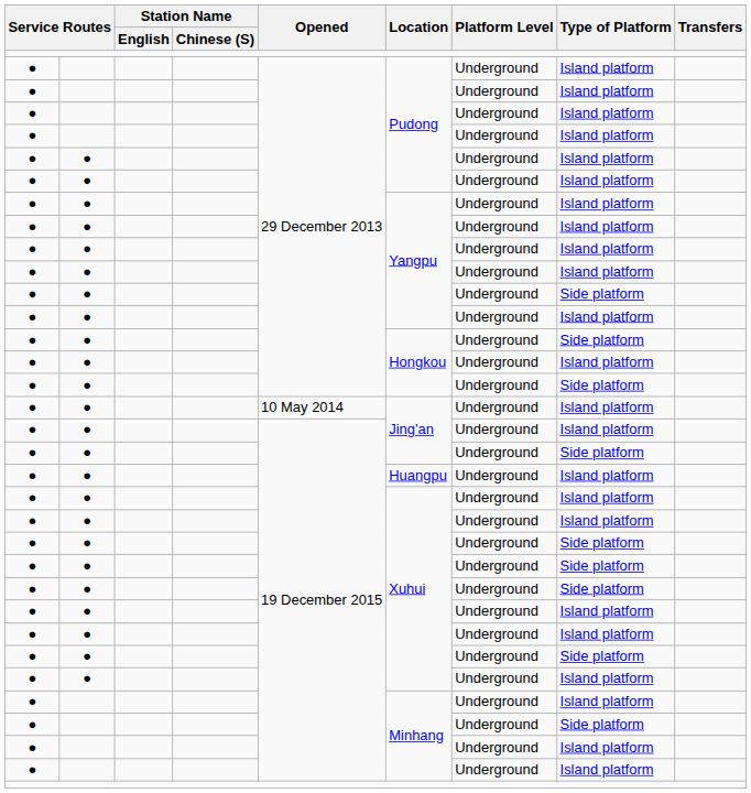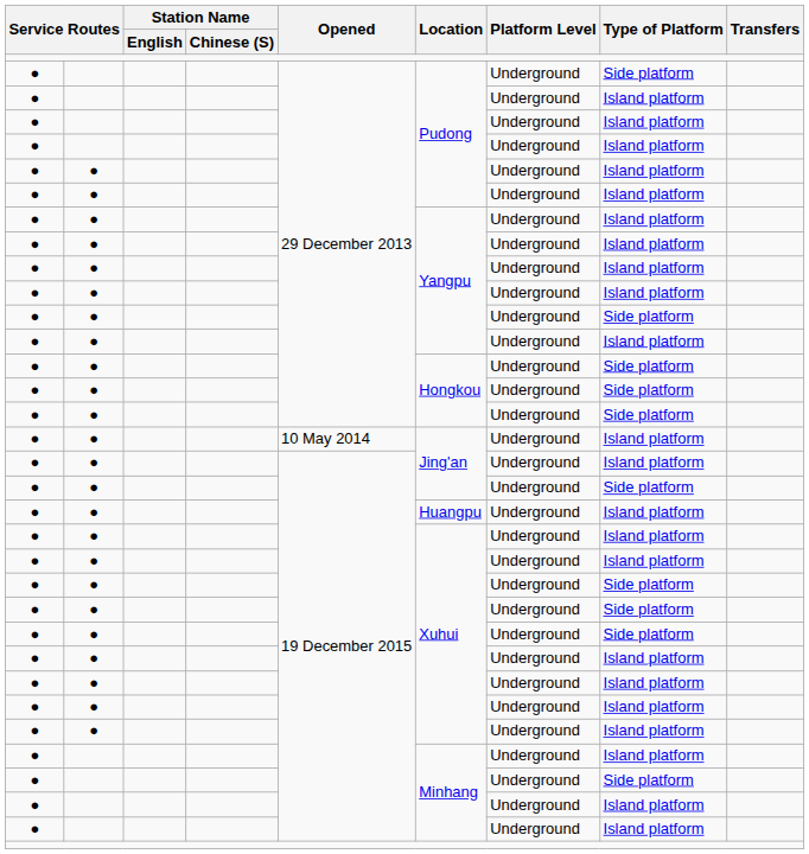 <table class=wikitable>
 <tr>
 <th colspan=2 rowspan=2 style="text-align:center;">Service Routes</th>
 <th colspan=2 style="text-align:center;">Station Name</th>
 <th rowspan=2>Opened</th>
 <th rowspan=2 style="text-align:center;">Location</th>
 <th rowspan=2>Platform Level</th>
 <th rowspan=2>Type of Platform</th>
 <th rowspan=2 style="text-align:center;">Transfers</th>
 </tr>
 <tr>
 <th>English</th>
 <th>Chinese (S)</th>
 </tr>
 <tr style=background:#>
 <td colspan=9></td>
 </tr>
 <tr>
 <td align=center>●</td>
 <td align=center></td>
 <td></td>
 <td><span></span></td>
 <td rowspan=15>29 December 2013</td>
 <td rowspan=6><a href='#'>Pudong</a></td>
 <td>Underground</td>
-<td><a href='#'>Island platform</a></td>
+<td><a href='#'>Side platform</a></td>
 <td></td>
 </tr>
 <tr>
 <td align=center>●</td>
 <td align=center></td>
 <td></td>
 <td><span></span></td>
 <td>Underground</td>
 <td><a href='#'>Island platform</a></td>
 <td></td>
 </tr>
 <tr>
 <td align=center>●</td>
 <td align=center></td>
 <td></td>
 <td><span></span></td>
 <td>Underground</td>
 <td><a href='#'>Island platform</a></td>
 <td></td>
 </tr>
 <tr>
 <td align=center>●</td>
 <td align=center></td>
 <td></td>
 <td><span></span></td>
 <td>Underground</td>
 <td><a href='#'>Island platform</a></td>
 <td></td>
 </tr>
 <tr>
 <td align=center>●</td>
 <td align=center>●</td>
 <td></td>
 <td><span></span></td>
 <td>Underground</td>
 <td><a href='#'>Island platform</a></td>
 <td></td>
 </tr>
 <tr>
 <td align=center>●</td>
 <td align=center>●</td>
 <td></td>
 <td><span></span></td>
 <td>Underground</td>
 <td><a href='#'>Island platform</a></td>
 <td></td>
 </tr>
 <tr>
 <td align=center>●</td>
 <td align=center>●</td>
 <td></td>
 <td><span></span></td>
 <td rowspan=6><a href='#'>Yangpu</a></td>
 <td>Underground</td>
 <td><a href='#'>Island platform</a></td>
 <td></td>
 </tr>
 <tr>
 <td align=center>●</td>
 <td align=center>●</td>
 <td></td>
 <td><span></span></td>
 <td>Underground</td>
 <td><a href='#'>Island platform</a></td>
 <td></td>
 </tr>
 <tr>
 <td align=center>●</td>
 <td align=center>●</td>
 <td></td>
 <td><span></span></td>
 <td>Underground</td>
 <td><a href='#'>Island platform</a></td>
 <td></td>
 </tr>
 <tr>
 <td align=center>●</td>
 <td align=center>●</td>
 <td></td>
 <td><span></span></td>
 <td>Underground</td>
 <td><a href='#'>Island platform</a></td>
 <td></td>
 </tr>
 <tr>
 <td align=center>●</td>
 <td align=center>●</td>
 <td></td>
 <td><span></span></td>
 <td>Underground</td>
 <td><a href='#'>Side platform</a></td>
 <td></td>
 </tr>
 <tr>
 <td align=center>●</td>
 <td align=center>●</td>
 <td></td>
 <td><span></span></td>
 <td>Underground</td>
 <td><a href='#'>Island platform</a></td>
 <td></td>
 </tr>
 <tr>
 <td align=center>●</td>
 <td align=center>●</td>
 <td></td>
 <td><span></span></td>
 <td rowspan=3><a href='#'>Hongkou</a></td>
 <td>Underground</td>
 <td><a href='#'>Side platform</a></td>
 <td></td>
 </tr>
 <tr>
 <td align=center>●</td>
 <td align=center>●</td>
 <td></td>
 <td><span></span></td>
 <td>Underground</td>
-<td><a href='#'>Island platform</a></td>
+<td><a href='#'>Side platform</a></td>
 <td></td>
 </tr>
 <tr>
 <td align=center>●</td>
 <td align=center>●</td>
 <td></td>
 <td><span></span></td>
 <td>Underground</td>
 <td><a href='#'>Side platform</a></td>
 <td></td>
 </tr>
 <tr>
 <td align=center>●</td>
 <td align=center>●</td>
 <td></td>
 <td><span></span></td>
 <td>10 May 2014</td>
 <td rowspan=3><a href='#'>Jing'an</a></td>
 <td>Underground</td>
 <td><a href='#'>Island platform</a></td>
 <td></td>
 </tr>
 <tr>
 <td align=center>●</td>
 <td align=center>●</td>
 <td></td>
 <td><span></span></td>
 <td rowspan=16>19 December 2015</td>
 <td>Underground</td>
 <td><a href='#'>Island platform</a></td>
 <td></td>
 </tr>
 <tr>
 <td align=center>●</td>
 <td align=center>●</td>
 <td></td>
 <td><span></span></td>
 <td>Underground</td>
 <td><a href='#'>Side platform</a></td>
 <td></td>
 </tr>
 <tr>
 <td align=center>●</td>
 <td align=center>●</td>
 <td></td>
 <td><span></span></td>
 <td><a href='#'>Huangpu</a></td>
 <td>Underground</td>
 <td><a href='#'>Island platform</a></td>
 <td></td>
 </tr>
 <tr>
 <td align=center>●</td>
 <td align=center>●</td>
 <td></td>
 <td><span></span></td>
 <td rowspan=9><a href='#'>Xuhui</a></td>
 <td>Underground</td>
 <td><a href='#'>Island platform</a></td>
 <td></td>
 </tr>
 <tr>
 <td align=center>●</td>
 <td align=center>●</td>
 <td></td>
 <td><span></span></td>
 <td>Underground</td>
 <td><a href='#'>Island platform</a></td>
 <td></td>
 </tr>
 <tr>
 <td align=center>●</td>
 <td align=center>●</td>
 <td></td>
 <td><span></span></td>
 <td>Underground</td>
 <td><a href='#'>Side platform</a></td>
 <td></td>
 </tr>
 <tr>
 <td align=center>●</td>
 <td align=center>●</td>
 <td></td>
 <td><span></span></td>
 <td>Underground</td>
 <td><a href='#'>Side platform</a></td>
 <td></td>
 </tr>
 <tr>
 <td align=center>●</td>
 <td align=center>●</td>
 <td></td>
 <td><span></span></td>
 <td>Underground</td>
 <td><a href='#'>Side platform</a></td>
 <td></td>
 </tr>
 <tr>
 <td align=center>●</td>
 <td align=center>●</td>
 <td></td>
 <td><span></span></td>
 <td>Underground</td>
 <td><a href='#'>Island platform</a></td>
 <td></td>
 </tr>
 <tr>
 <td align=center>●</td>
 <td align=center>●</td>
 <td></td>
 <td><span></span></td>
 <td>Underground</td>
 <td><a href='#'>Island platform</a></td>
 <td></td>
 </tr>
 <tr>
 <td align=center>●</td>
 <td align=center>●</td>
 <td></td>
 <td><span></span></td>
 <td>Underground</td>
-<td><a href='#'>Side platform</a></td>
+<td><a href='#'>Island platform</a></td>
 <td></td>
 </tr>
 <tr>
 <td align=center>●</td>
 <td align=center>●</td>
 <td></td>
 <td><span></span></td>
 <td>Underground</td>
 <td><a href='#'>Island platform</a></td>
 <td></td>
 </tr>
 <tr>
 <td align=center>●</td>
 <td align=center></td>
 <td></td>
 <td><span></span></td>
 <td rowspan=4><a href='#'>Minhang</a></td>
 <td>Underground</td>
 <td><a href='#'>Island platform</a></td>
 <td></td>
 </tr>
 <tr>
 <td align=center>●</td>
 <td align=center></td>
 <td></td>
 <td><span></span></td>
 <td>Underground</td>
 <td><a href='#'>Side platform</a></td>
 <td></td>
 </tr>
 <tr>
 <td align=center>●</td>
 <td align=center></td>
 <td></td>
 <td><span></span></td>
 <td>Underground</td>
 <td><a href='#'>Island platform</a></td>
 <td></td>
 </tr>
 <tr>
 <td align=center>●</td>
 <td align=center></td>
 <td></td>
 <td><span></span></td>
 <td>Underground</td>
 <td><a href='#'>Island platform</a></td>
 <td></td>
 </tr>
 <tr style=background:#>
 <td colspan=9></td>
 </tr>
 </table>
